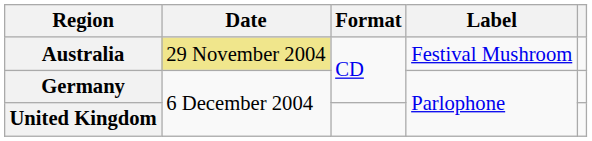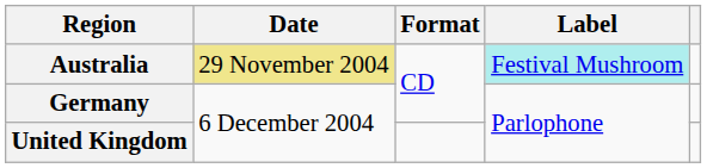 <table class="wikitable plainrowheaders">
 <tr>
 <th scope="col">Region</th>
 <th scope="col">Date</th>
 <th scope="col">Format</th>
 <th scope="col">Label</th>
 <th scope="col"></th>
 </tr>
 <tr>
 <th scope="row">Australia</th>
 <td style="background: khaki;">29 November 2004</td>
 <td rowspan="2"><a href='#'>CD</a></td>
-<td><a href='#'>Festival Mushroom</a></td>
+<td style="background: paleturquoise;"><a href='#'>Festival Mushroom</a></td>
 <td></td>
 </tr>
 <tr>
 <th scope="row">Germany</th>
 <td rowspan="2">6 December 2004</td>
 <td rowspan="2"><a href='#'>Parlophone</a></td>
 <td></td>
 </tr>
 <tr>
 <th scope="row">United Kingdom</th>
 <td></td>
 <td></td>
 </tr>
 </table>
